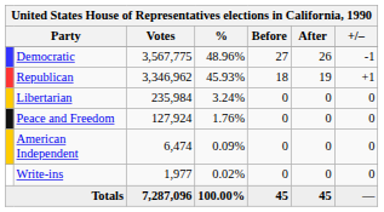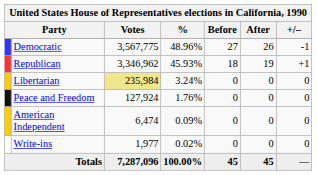 <table class="wikitable" style="font-size: 95%;">
 <tr>
 <th colspan="7">United States House of Representatives elections in California, 1990</th>
 </tr>
 <tr>
 <th colspan=2 style="width: 5em">Party</th>
 <th style="width: 5em">Votes</th>
 <th style="width: 3em">%</th>
 <th style="width: 3em">Before</th>
 <th style="width: 3em">After</th>
 <th style="width: 3em">+/–</th>
 </tr>
 <tr>
 </tr>
 <tr>
 <th style="background-color:#3333FF; width: 3px"></th>
 <td style="width: 130px"><a href='#'>Democratic</a></td>
 <td align="right">3,567,775</td>
 <td align="right">48.96%</td>
 <td align="right">27</td>
 <td align="right">26</td>
 <td align="right">-1</td>
 </tr>
 <tr>
 <th style="background-color:#FF3333; width: 3px"></th>
 <td style="width: 130px"><a href='#'>Republican</a></td>
 <td align="right">3,346,962</td>
 <td align="right">45.93%</td>
 <td align="right">18</td>
 <td align="right">19</td>
 <td align="right">+1</td>
 </tr>
 <tr>
 <th style="background-color:#FFCC00; width: 3px"></th>
 <td style="width: 130px"><a href='#'>Libertarian</a></td>
-<td align="right">235,984</td>
+<td align="right" style="background: khaki;">235,984</td>
 <td align="right">3.24%</td>
 <td align="right">0</td>
 <td align="right">0</td>
 <td align="right">0</td>
 </tr>
 <tr>
 <th style="background-color:#111111; width: 3px"></th>
 <td style="width: 130px"><a href='#'>Peace and Freedom</a></td>
 <td align="right">127,924</td>
 <td align="right">1.76%</td>
 <td align="right">0</td>
 <td align="right">0</td>
 <td align="right">0</td>
 </tr>
 <tr>
 <th style="background-color:#FFCC00; width: 3px"></th>
 <td style="width: 130px"><a href='#'>American Independent</a></td>
 <td align="right">6,474</td>
 <td align="right">0.09%</td>
 <td align="right">0</td>
 <td align="right">0</td>
 <td align="right">0</td>
 </tr>
 <tr>
 <th style="background-color:#FFFFFF; width: 3px"></th>
 <td style="width: 130px"><a href='#'>Write-ins</a></td>
 <td align="right">1,977</td>
 <td align="right">0.02%</td>
 <td align="right">0</td>
 <td align="right">0</td>
 <td align="right">0</td>
 </tr>
 <tr bgcolor="#EEEEEE">
 <td colspan="2" align="right"><strong>Totals</strong></td>
 <td align="right"><strong>7,287,096</strong></td>
 <td align="right"><strong>100.00%</strong></td>
 <td align="right"><strong>45</strong></td>
 <td align="right"><strong>45</strong></td>
 <td align="right"><strong>—</strong></td>
 </tr>
 </table>
